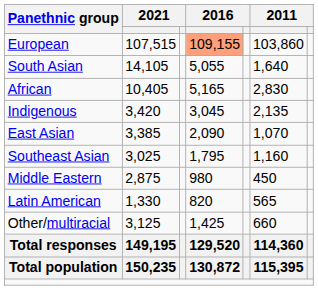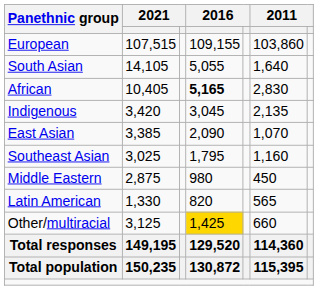 <table class="wikitable collapsible sortable">
 <tr>
 <th rowspan="2"><a href='#'>Panethnic</a> group</th>
 <th colspan="2">2021</th>
 <th colspan="2">2016</th>
 <th colspan="2">2011</th>
 </tr>
 <tr>
 <th><a href='#'></a></th>
 <th></th>
 <th></th>
 <th></th>
 <th></th>
 <th></th>
 </tr>
 <tr>
 <td><a href='#'>European</a></td>
 <td>107,515</td>
 <td></td>
-<td style="background: lightsalmon;">109,155</td>
+<td>109,155</td>
 <td></td>
 <td>103,860</td>
 <td></td>
 </tr>
 <tr>
 <td><a href='#'>South Asian</a></td>
 <td>14,105</td>
 <td></td>
 <td>5,055</td>
 <td></td>
 <td>1,640</td>
 <td></td>
 </tr>
 <tr>
 <td><a href='#'>African</a></td>
 <td>10,405</td>
 <td></td>
-<td>5,165</td>
+<td><strong>5,165</strong></td>
 <td></td>
 <td>2,830</td>
 <td></td>
 </tr>
 <tr>
 <td><a href='#'>Indigenous</a></td>
 <td>3,420</td>
 <td></td>
 <td>3,045</td>
 <td></td>
 <td>2,135</td>
 <td></td>
 </tr>
 <tr>
 <td><a href='#'>East Asian</a></td>
 <td>3,385</td>
 <td></td>
 <td>2,090</td>
 <td></td>
 <td>1,070</td>
 <td></td>
 </tr>
 <tr>
 <td><a href='#'>Southeast Asian</a></td>
 <td>3,025</td>
 <td></td>
 <td>1,795</td>
 <td></td>
 <td>1,160</td>
 <td></td>
 </tr>
 <tr>
 <td><a href='#'>Middle Eastern</a></td>
 <td>2,875</td>
 <td></td>
 <td>980</td>
 <td></td>
 <td>450</td>
 <td></td>
 </tr>
 <tr>
 <td><a href='#'>Latin American</a></td>
 <td>1,330</td>
 <td></td>
 <td>820</td>
 <td></td>
 <td>565</td>
 <td></td>
 </tr>
 <tr>
 <td>Other/<a href='#'>multiracial</a></td>
 <td>3,125</td>
 <td></td>
-<td>1,425</td>
+<td style="background: gold;">1,425</td>
 <td></td>
 <td>660</td>
 <td></td>
 </tr>
 <tr>
 <th>Total responses</th>
 <th>149,195</th>
 <th></th>
 <th>129,520</th>
 <th></th>
 <th>114,360</th>
 <th></th>
 </tr>
 <tr class="sortbottom">
 <th>Total population</th>
 <th>150,235</th>
 <th></th>
 <th>130,872</th>
 <th></th>
 <th>115,395</th>
 <th></th>
 </tr>
 <tr class="sortbottom">
 <td colspan="15"></td>
 </tr>
 </table>
